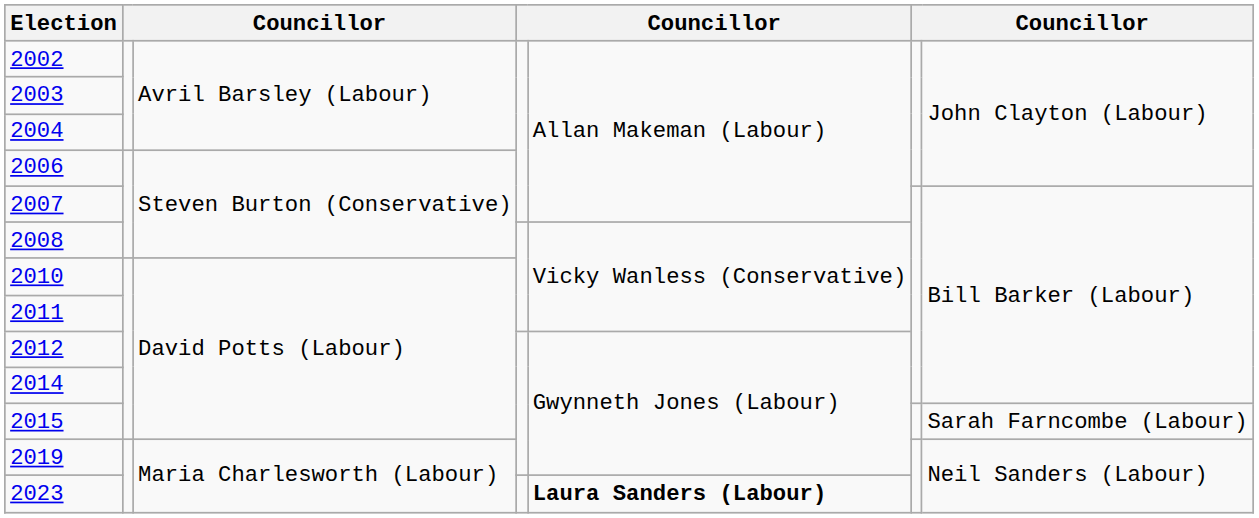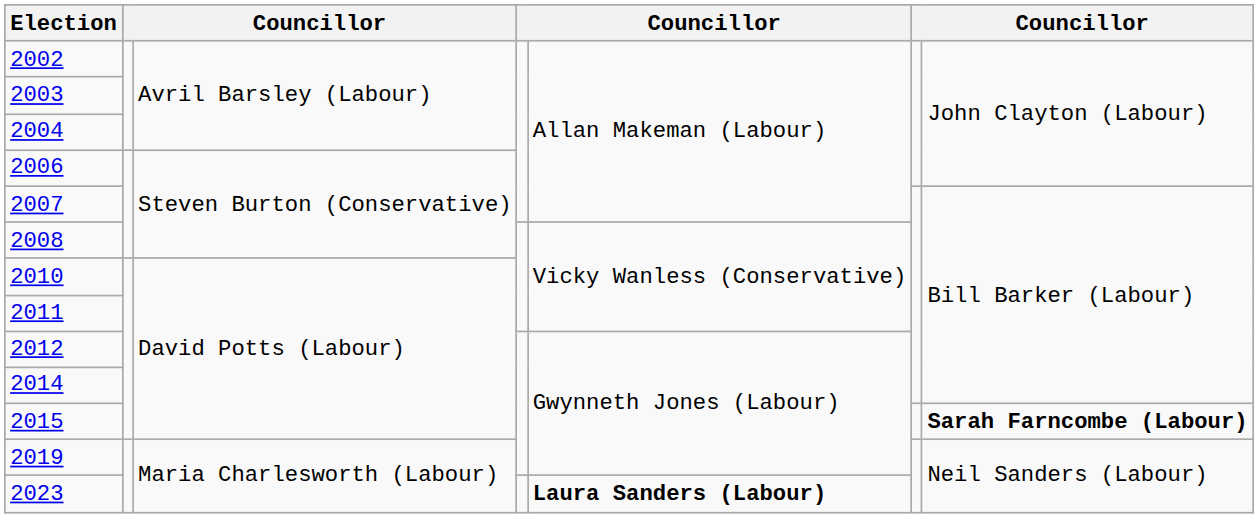 <table class="wikitable">
 <tr>
 <th>Election</th>
 <th colspan="2">Councillor</th>
 <th colspan="2">Councillor</th>
 <th colspan="2">Councillor</th>
 </tr>
 <tr>
 <td><a href='#'>2002</a></td>
 <td rowspan="3" style="background-color: "></td>
 <td rowspan="3">Avril Barsley (Labour)</td>
 <td rowspan="5" style="background-color: "></td>
 <td rowspan="5">Allan Makeman (Labour)</td>
 <td rowspan="4" style="background-color: "></td>
 <td rowspan="4">John Clayton (Labour)</td>
 </tr>
 <tr>
 <td><a href='#'>2003</a></td>
 </tr>
 <tr>
 <td><a href='#'>2004</a></td>
 </tr>
 <tr>
 <td><a href='#'>2006</a></td>
 <td rowspan="3" style="background-color: "></td>
 <td rowspan="3">Steven Burton (Conservative)</td>
 </tr>
 <tr>
 <td><a href='#'>2007</a></td>
 <td rowspan="6" style="background-color: "></td>
 <td rowspan="6">Bill Barker (Labour)</td>
 </tr>
 <tr>
 <td><a href='#'>2008</a></td>
 <td rowspan="3" style="background-color: "></td>
 <td rowspan="3">Vicky Wanless (Conservative)</td>
 </tr>
 <tr>
 <td><a href='#'>2010</a></td>
 <td rowspan="5" style="background-color: "></td>
 <td rowspan="5">David Potts (Labour)</td>
 </tr>
 <tr>
 <td><a href='#'>2011</a></td>
 </tr>
 <tr>
 <td><a href='#'>2012</a></td>
 <td rowspan="4" style="background-color: "></td>
 <td rowspan="4">Gwynneth Jones (Labour)</td>
 </tr>
 <tr>
 <td><a href='#'>2014</a></td>
 </tr>
 <tr>
 <td><a href='#'>2015</a></td>
 <td style="background-color: "></td>
-<td>Sarah Farncombe (Labour)</td>
+<td><strong>Sarah Farncombe (Labour)</strong></td>
 </tr>
 <tr>
 <td><a href='#'>2019</a></td>
 <td rowspan="2" style="background-color: "></td>
 <td rowspan="2">Maria Charlesworth (Labour)</td>
 <td rowspan="2" style="background-color: "></td>
 <td rowspan="2">Neil Sanders (Labour)</td>
 </tr>
 <tr>
 <td><a href='#'>2023</a></td>
 <td style="background-color: "></td>
 <td><strong>Laura Sanders (Labour)</strong></td>
 </tr>
 </table>
